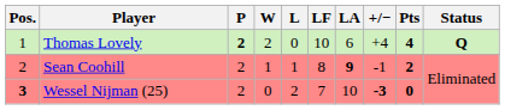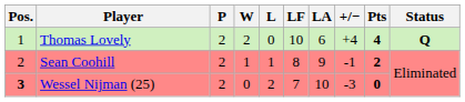 <table class="wikitable" style="text-align:center; margin: 1em auto 1em auto, align:left">
 <tr>
 <th width=20>Pos.</th>
 <th width=185>Player</th>
 <th width=20>P</th>
 <th width=20>W</th>
 <th width=20>L</th>
 <th width=20>LF</th>
 <th width=20>LA</th>
 <th width=25>+/−</th>
 <th width=20>Pts</th>
 <th width=70>Status</th>
 </tr>
 <tr style="background:#D0F0C0;">
 <td>1</td>
 <td align=left> <a href='#'>Thomas Lovely</a></td>
-<td><strong>2</strong></td>
+<td>2</td>
 <td>2</td>
 <td>0</td>
 <td>10</td>
 <td>6</td>
 <td>+4</td>
 <td><strong>4</strong></td>
 <td rowspan=1><strong>Q</strong></td>
 </tr>
 <tr style="background:#FF8888;">
 <td>2</td>
 <td align=left> <a href='#'>Sean Coohill</a></td>
 <td>2</td>
 <td>1</td>
 <td>1</td>
 <td>8</td>
-<td><strong>9</strong></td>
+<td>9</td>
 <td>-1</td>
 <td><strong>2</strong></td>
 <td rowspan=2>Eliminated</td>
 </tr>
 <tr style="background:#FF8888;">
 <td><strong>3</strong></td>
 <td align=left> <a href='#'>Wessel Nijman</a> (25)</td>
 <td>2</td>
 <td>0</td>
 <td>2</td>
 <td>7</td>
 <td>10</td>
-<td><strong>-3</strong></td>
+<td>-3</td>
 <td><strong>0</strong></td>
 </tr>
 </table>
